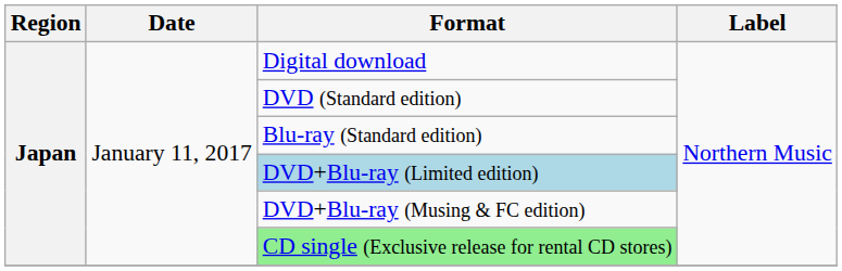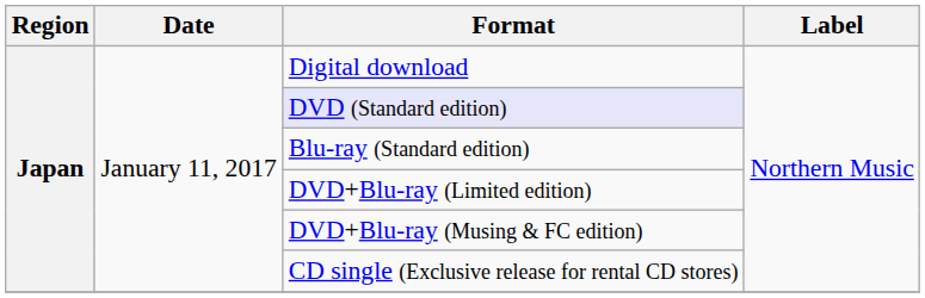 <table class="wikitable sortable plainrowheaders">
 <tr>
 <th scope="col">Region</th>
 <th scope="col">Date</th>
 <th scope="col">Format</th>
 <th scope="col">Label</th>
 </tr>
 <tr>
 <th rowspan="6">Japan</th>
 <td rowspan="6">January 11, 2017</td>
 <td><a href='#'>Digital download</a></td>
 <td rowspan="6"><a href='#'>Northern Music</a></td>
 </tr>
 <tr>
-<td><a href='#'>DVD</a> <small>(Standard edition)</small></td>
+<td style="background: lavender;"><a href='#'>DVD</a> <small>(Standard edition)</small></td>
 </tr>
 <tr>
 <td><a href='#'>Blu-ray</a> <small>(Standard edition)</small></td>
 </tr>
 <tr>
-<td style="background: lightblue;"><a href='#'>DVD</a>+<a href='#'>Blu-ray</a> <small>(Limited edition)</small></td>
+<td><a href='#'>DVD</a>+<a href='#'>Blu-ray</a> <small>(Limited edition)</small></td>
 </tr>
 <tr>
 <td><a href='#'>DVD</a>+<a href='#'>Blu-ray</a> <small>(Musing & FC edition)</small></td>
 </tr>
 <tr>
-<td style="background: lightgreen;"><a href='#'>CD single</a> <small>(Exclusive release for rental CD stores)</small></td>
+<td><a href='#'>CD single</a> <small>(Exclusive release for rental CD stores)</small></td>
 </tr>
 <tr>
 </tr>
 </table>
